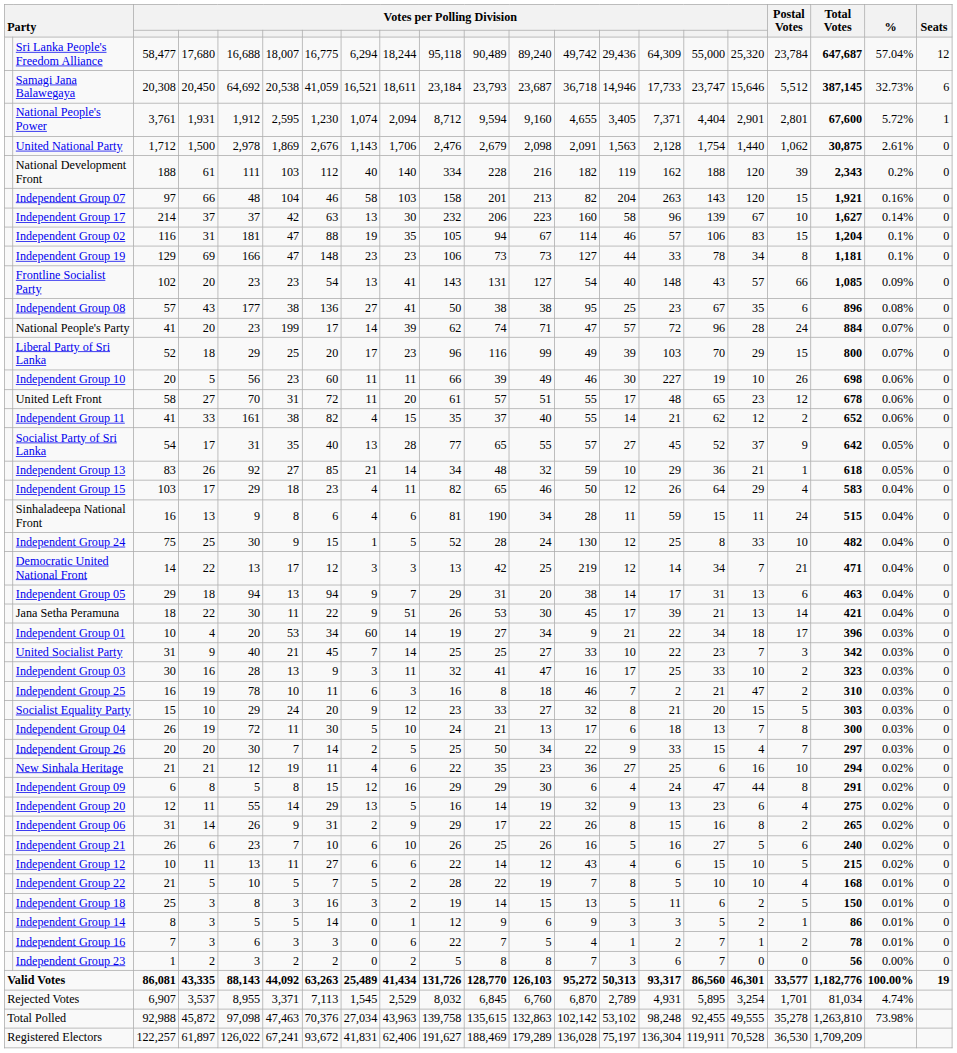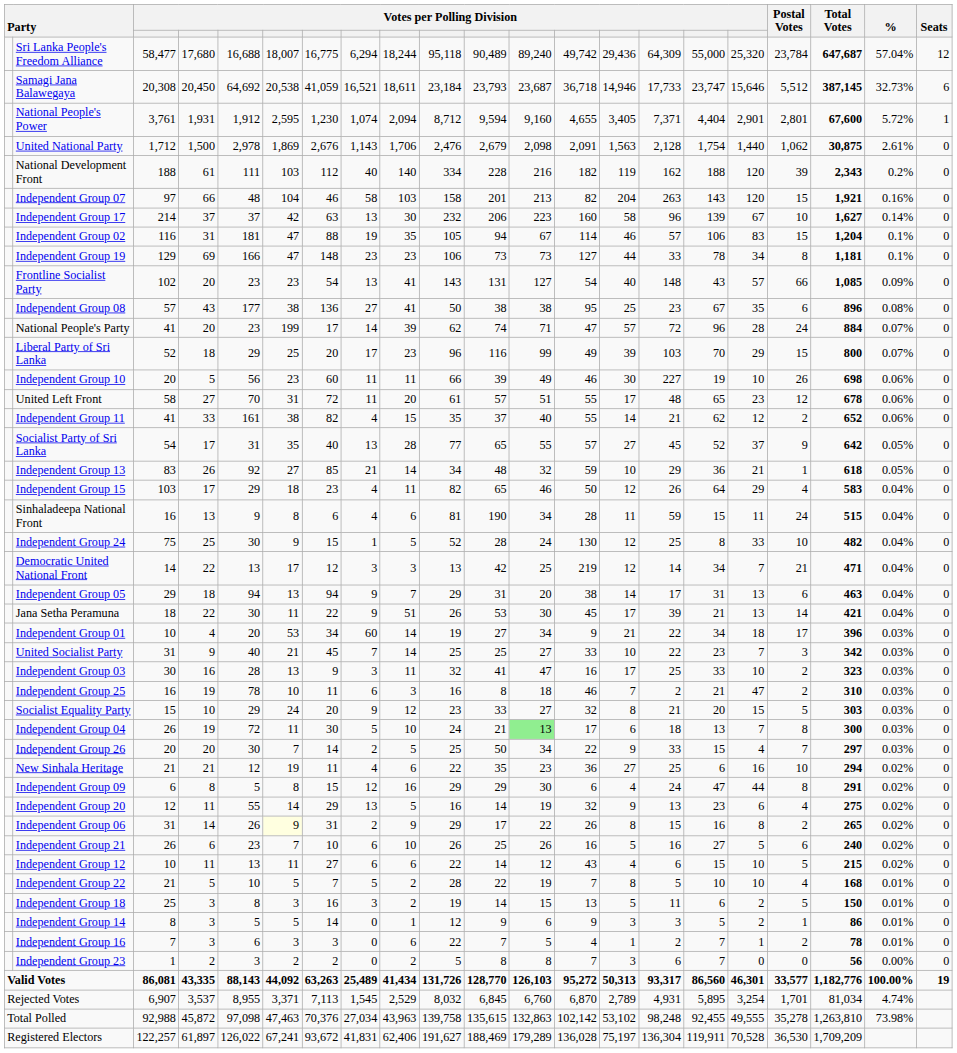 <table class="wikitable" style="text-align:right;">
 <tr>
 <th style="text-align:left; vertical-align:bottom;" rowspan="2" colspan="2">Party</th>
 <th colspan=15>Votes per Polling Division</th>
 <th rowspan="2" style="vertical-align:bottom; text-align:center; width:50px;">Postal<br>Votes</th>
 <th rowspan="2" style="vertical-align:bottom; text-align:center; width:50px;">Total Votes</th>
 <th rowspan="2" style="vertical-align:bottom; text-align:center; width:50px;">%</th>
 <th rowspan="2" style="vertical-align:bottom; text-align:center; width:40px;">Seats</th>
 </tr>
 <tr>
 <th></th>
 <th></th>
 <th></th>
 <th></th>
 <th></th>
 <th></th>
 <th></th>
 <th></th>
 <th></th>
 <th></th>
 <th></th>
 <th></th>
 <th></th>
 <th></th>
 <th></th>
 </tr>
 <tr>
 <td bgcolor=> </td>
 <td align=left><a href='#'>Sri Lanka People's Freedom Alliance</a></td>
 <td>58,477</td>
 <td>17,680</td>
 <td>16,688</td>
 <td>18,007</td>
 <td>16,775</td>
 <td>6,294</td>
 <td>18,244</td>
 <td>95,118</td>
 <td>90,489</td>
 <td>89,240</td>
 <td>49,742</td>
 <td>29,436</td>
 <td>64,309</td>
 <td>55,000</td>
 <td>25,320</td>
 <td>23,784</td>
 <td><strong>647,687</strong></td>
 <td>57.04%</td>
 <td>12</td>
 </tr>
 <tr>
 <td bgcolor=> </td>
 <td align=left><a href='#'>Samagi Jana Balawegaya</a></td>
 <td>20,308</td>
 <td>20,450</td>
 <td>64,692</td>
 <td>20,538</td>
 <td>41,059</td>
 <td>16,521</td>
 <td>18,611</td>
 <td>23,184</td>
 <td>23,793</td>
 <td>23,687</td>
 <td>36,718</td>
 <td>14,946</td>
 <td>17,733</td>
 <td>23,747</td>
 <td>15,646</td>
 <td>5,512</td>
 <td><strong>387,145</strong></td>
 <td>32.73%</td>
 <td>6</td>
 </tr>
 <tr>
 <td bgcolor=> </td>
 <td align=left><a href='#'>National People's Power</a></td>
 <td>3,761</td>
 <td>1,931</td>
 <td>1,912</td>
 <td>2,595</td>
 <td>1,230</td>
 <td>1,074</td>
 <td>2,094</td>
 <td>8,712</td>
 <td>9,594</td>
 <td>9,160</td>
 <td>4,655</td>
 <td>3,405</td>
 <td>7,371</td>
 <td>4,404</td>
 <td>2,901</td>
 <td>2,801</td>
 <td><strong>67,600</strong></td>
 <td>5.72%</td>
 <td>1</td>
 </tr>
 <tr>
 <td bgcolor=> </td>
 <td align=left><a href='#'>United National Party</a></td>
 <td>1,712</td>
 <td>1,500</td>
 <td>2,978</td>
 <td>1,869</td>
 <td>2,676</td>
 <td>1,143</td>
 <td>1,706</td>
 <td>2,476</td>
 <td>2,679</td>
 <td>2,098</td>
 <td>2,091</td>
 <td>1,563</td>
 <td>2,128</td>
 <td>1,754</td>
 <td>1,440</td>
 <td>1,062</td>
 <td><strong>30,875</strong></td>
 <td>2.61%</td>
 <td>0</td>
 </tr>
 <tr>
 <td bgcolor=> </td>
 <td align=left>National Development Front</td>
 <td>188</td>
 <td>61</td>
 <td>111</td>
 <td>103</td>
 <td>112</td>
 <td>40</td>
 <td>140</td>
 <td>334</td>
 <td>228</td>
 <td>216</td>
 <td>182</td>
 <td>119</td>
 <td>162</td>
 <td>188</td>
 <td>120</td>
 <td>39</td>
 <td><strong>2,343</strong></td>
 <td>0.2%</td>
 <td>0</td>
 </tr>
 <tr>
 <td bgcolor=> </td>
 <td align=left><a href='#'>Independent Group 07</a></td>
 <td>97</td>
 <td>66</td>
 <td>48</td>
 <td>104</td>
 <td>46</td>
 <td>58</td>
 <td>103</td>
 <td>158</td>
 <td>201</td>
 <td>213</td>
 <td>82</td>
 <td>204</td>
 <td>263</td>
 <td>143</td>
 <td>120</td>
 <td>15</td>
 <td><strong>1,921</strong></td>
 <td>0.16%</td>
 <td>0</td>
 </tr>
 <tr>
 <td bgcolor=> </td>
 <td align=left><a href='#'>Independent Group 17</a></td>
 <td>214</td>
 <td>37</td>
 <td>37</td>
 <td>42</td>
 <td>63</td>
 <td>13</td>
 <td>30</td>
 <td>232</td>
 <td>206</td>
 <td>223</td>
 <td>160</td>
 <td>58</td>
 <td>96</td>
 <td>139</td>
 <td>67</td>
 <td>10</td>
 <td><strong>1,627</strong></td>
 <td>0.14%</td>
 <td>0</td>
 </tr>
 <tr>
 <td bgcolor=> </td>
 <td align=left><a href='#'>Independent Group 02</a></td>
 <td>116</td>
 <td>31</td>
 <td>181</td>
 <td>47</td>
 <td>88</td>
 <td>19</td>
 <td>35</td>
 <td>105</td>
 <td>94</td>
 <td>67</td>
 <td>114</td>
 <td>46</td>
 <td>57</td>
 <td>106</td>
 <td>83</td>
 <td>15</td>
 <td><strong>1,204</strong></td>
 <td>0.1%</td>
 <td>0</td>
 </tr>
 <tr>
 <td bgcolor=> </td>
 <td align=left><a href='#'>Independent Group 19</a></td>
 <td>129</td>
 <td>69</td>
 <td>166</td>
 <td>47</td>
 <td>148</td>
 <td>23</td>
 <td>23</td>
 <td>106</td>
 <td>73</td>
 <td>73</td>
 <td>127</td>
 <td>44</td>
 <td>33</td>
 <td>78</td>
 <td>34</td>
 <td>8</td>
 <td><strong>1,181</strong></td>
 <td>0.1%</td>
 <td>0</td>
 </tr>
 <tr>
 <td bgcolor=> </td>
 <td align=left><a href='#'>Frontline Socialist Party</a></td>
 <td>102</td>
 <td>20</td>
 <td>23</td>
 <td>23</td>
 <td>54</td>
 <td>13</td>
 <td>41</td>
 <td>143</td>
 <td>131</td>
 <td>127</td>
 <td>54</td>
 <td>40</td>
 <td>148</td>
 <td>43</td>
 <td>57</td>
 <td>66</td>
 <td><strong>1,085</strong></td>
 <td>0.09%</td>
 <td>0</td>
 </tr>
 <tr>
 <td bgcolor=> </td>
 <td align=left><a href='#'>Independent Group 08</a></td>
 <td>57</td>
 <td>43</td>
 <td>177</td>
 <td>38</td>
 <td>136</td>
 <td>27</td>
 <td>41</td>
 <td>50</td>
 <td>38</td>
 <td>38</td>
 <td>95</td>
 <td>25</td>
 <td>23</td>
 <td>67</td>
 <td>35</td>
 <td>6</td>
 <td><strong>896</strong></td>
 <td>0.08%</td>
 <td>0</td>
 </tr>
 <tr>
 <td bgcolor=> </td>
 <td align=left>National People's Party</td>
 <td>41</td>
 <td>20</td>
 <td>23</td>
 <td>199</td>
 <td>17</td>
 <td>14</td>
 <td>39</td>
 <td>62</td>
 <td>74</td>
 <td>71</td>
 <td>47</td>
 <td>57</td>
 <td>72</td>
 <td>96</td>
 <td>28</td>
 <td>24</td>
 <td><strong>884</strong></td>
 <td>0.07%</td>
 <td>0</td>
 </tr>
 <tr>
 <td bgcolor=> </td>
 <td align=left><a href='#'>Liberal Party of Sri Lanka</a></td>
 <td>52</td>
 <td>18</td>
 <td>29</td>
 <td>25</td>
 <td>20</td>
 <td>17</td>
 <td>23</td>
 <td>96</td>
 <td>116</td>
 <td>99</td>
 <td>49</td>
 <td>39</td>
 <td>103</td>
 <td>70</td>
 <td>29</td>
 <td>15</td>
 <td><strong>800</strong></td>
 <td>0.07%</td>
 <td>0</td>
 </tr>
 <tr>
 <td bgcolor=> </td>
 <td align=left><a href='#'>Independent Group 10</a></td>
 <td>20</td>
 <td>5</td>
 <td>56</td>
 <td>23</td>
 <td>60</td>
 <td>11</td>
 <td>11</td>
 <td>66</td>
 <td>39</td>
 <td>49</td>
 <td>46</td>
 <td>30</td>
 <td>227</td>
 <td>19</td>
 <td>10</td>
 <td>26</td>
 <td><strong>698</strong></td>
 <td>0.06%</td>
 <td>0</td>
 </tr>
 <tr>
 <td bgcolor=> </td>
 <td align=left>United Left Front</td>
 <td>58</td>
 <td>27</td>
 <td>70</td>
 <td>31</td>
 <td>72</td>
 <td>11</td>
 <td>20</td>
 <td>61</td>
 <td>57</td>
 <td>51</td>
 <td>55</td>
 <td>17</td>
 <td>48</td>
 <td>65</td>
 <td>23</td>
 <td>12</td>
 <td><strong>678</strong></td>
 <td>0.06%</td>
 <td>0</td>
 </tr>
 <tr>
 <td bgcolor=> </td>
 <td align=left><a href='#'>Independent Group 11</a></td>
 <td>41</td>
 <td>33</td>
 <td>161</td>
 <td>38</td>
 <td>82</td>
 <td>4</td>
 <td>15</td>
 <td>35</td>
 <td>37</td>
 <td>40</td>
 <td>55</td>
 <td>14</td>
 <td>21</td>
 <td>62</td>
 <td>12</td>
 <td>2</td>
 <td><strong>652</strong></td>
 <td>0.06%</td>
 <td>0</td>
 </tr>
 <tr>
 <td bgcolor=> </td>
 <td align=left><a href='#'>Socialist Party of Sri Lanka</a></td>
 <td>54</td>
 <td>17</td>
 <td>31</td>
 <td>35</td>
 <td>40</td>
 <td>13</td>
 <td>28</td>
 <td>77</td>
 <td>65</td>
 <td>55</td>
 <td>57</td>
 <td>27</td>
 <td>45</td>
 <td>52</td>
 <td>37</td>
 <td>9</td>
 <td><strong>642</strong></td>
 <td>0.05%</td>
 <td>0</td>
 </tr>
 <tr>
 <td bgcolor=> </td>
 <td align=left><a href='#'>Independent Group 13</a></td>
 <td>83</td>
 <td>26</td>
 <td>92</td>
 <td>27</td>
 <td>85</td>
 <td>21</td>
 <td>14</td>
 <td>34</td>
 <td>48</td>
 <td>32</td>
 <td>59</td>
 <td>10</td>
 <td>29</td>
 <td>36</td>
 <td>21</td>
 <td>1</td>
 <td><strong>618</strong></td>
 <td>0.05%</td>
 <td>0</td>
 </tr>
 <tr>
 <td bgcolor=> </td>
 <td align=left><a href='#'>Independent Group 15</a></td>
 <td>103</td>
 <td>17</td>
 <td>29</td>
 <td>18</td>
 <td>23</td>
 <td>4</td>
 <td>11</td>
 <td>82</td>
 <td>65</td>
 <td>46</td>
 <td>50</td>
 <td>12</td>
 <td>26</td>
 <td>64</td>
 <td>29</td>
 <td>4</td>
 <td><strong>583</strong></td>
 <td>0.04%</td>
 <td>0</td>
 </tr>
 <tr>
 <td bgcolor=> </td>
 <td align=left>Sinhaladeepa National Front</td>
 <td>16</td>
 <td>13</td>
 <td>9</td>
 <td>8</td>
 <td>6</td>
 <td>4</td>
 <td>6</td>
 <td>81</td>
 <td>190</td>
 <td>34</td>
 <td>28</td>
 <td>11</td>
 <td>59</td>
 <td>15</td>
 <td>11</td>
 <td>24</td>
 <td><strong>515</strong></td>
 <td>0.04%</td>
 <td>0</td>
 </tr>
 <tr>
 <td bgcolor=> </td>
 <td align=left><a href='#'>Independent Group 24</a></td>
 <td>75</td>
 <td>25</td>
 <td>30</td>
 <td>9</td>
 <td>15</td>
 <td>1</td>
 <td>5</td>
 <td>52</td>
 <td>28</td>
 <td>24</td>
 <td>130</td>
 <td>12</td>
 <td>25</td>
 <td>8</td>
 <td>33</td>
 <td>10</td>
 <td><strong>482</strong></td>
 <td>0.04%</td>
 <td>0</td>
 </tr>
 <tr>
 <td bgcolor=> </td>
 <td align=left><a href='#'>Democratic United National Front</a></td>
 <td>14</td>
 <td>22</td>
 <td>13</td>
 <td>17</td>
 <td>12</td>
 <td>3</td>
 <td>3</td>
 <td>13</td>
 <td>42</td>
 <td>25</td>
 <td>219</td>
 <td>12</td>
 <td>14</td>
 <td>34</td>
 <td>7</td>
 <td>21</td>
 <td><strong>471</strong></td>
 <td>0.04%</td>
 <td>0</td>
 </tr>
 <tr>
 <td bgcolor=> </td>
 <td align=left><a href='#'>Independent Group 05</a></td>
 <td>29</td>
 <td>18</td>
 <td>94</td>
 <td>13</td>
 <td>94</td>
 <td>9</td>
 <td>7</td>
 <td>29</td>
 <td>31</td>
 <td>20</td>
 <td>38</td>
 <td>14</td>
 <td>17</td>
 <td>31</td>
 <td>13</td>
 <td>6</td>
 <td><strong>463</strong></td>
 <td>0.04%</td>
 <td>0</td>
 </tr>
 <tr>
 <td bgcolor=> </td>
 <td align=left>Jana Setha Peramuna</td>
 <td>18</td>
 <td>22</td>
 <td>30</td>
 <td>11</td>
 <td>22</td>
 <td>9</td>
 <td>51</td>
 <td>26</td>
 <td>53</td>
 <td>30</td>
 <td>45</td>
 <td>17</td>
 <td>39</td>
 <td>21</td>
 <td>13</td>
 <td>14</td>
 <td><strong>421</strong></td>
 <td>0.04%</td>
 <td>0</td>
 </tr>
 <tr>
 <td bgcolor=> </td>
 <td align=left><a href='#'>Independent Group 01</a></td>
 <td>10</td>
 <td>4</td>
 <td>20</td>
 <td>53</td>
 <td>34</td>
 <td>60</td>
 <td>14</td>
 <td>19</td>
 <td>27</td>
 <td>34</td>
 <td>9</td>
 <td>21</td>
 <td>22</td>
 <td>34</td>
 <td>18</td>
 <td>17</td>
 <td><strong>396</strong></td>
 <td>0.03%</td>
 <td>0</td>
 </tr>
 <tr>
 <td bgcolor=> </td>
 <td align=left><a href='#'>United Socialist Party</a></td>
 <td>31</td>
 <td>9</td>
 <td>40</td>
 <td>21</td>
 <td>45</td>
 <td>7</td>
 <td>14</td>
 <td>25</td>
 <td>25</td>
 <td>27</td>
 <td>33</td>
 <td>10</td>
 <td>22</td>
 <td>23</td>
 <td>7</td>
 <td>3</td>
 <td><strong>342</strong></td>
 <td>0.03%</td>
 <td>0</td>
 </tr>
 <tr>
 <td bgcolor=> </td>
 <td align=left><a href='#'>Independent Group 03</a></td>
 <td>30</td>
 <td>16</td>
 <td>28</td>
 <td>13</td>
 <td>9</td>
 <td>3</td>
 <td>11</td>
 <td>32</td>
 <td>41</td>
 <td>47</td>
 <td>16</td>
 <td>17</td>
 <td>25</td>
 <td>33</td>
 <td>10</td>
 <td>2</td>
 <td><strong>323</strong></td>
 <td>0.03%</td>
 <td>0</td>
 </tr>
 <tr>
 <td bgcolor=> </td>
 <td align=left><a href='#'>Independent Group 25</a></td>
 <td>16</td>
 <td>19</td>
 <td>78</td>
 <td>10</td>
 <td>11</td>
 <td>6</td>
 <td>3</td>
 <td>16</td>
 <td>8</td>
 <td>18</td>
 <td>46</td>
 <td>7</td>
 <td>2</td>
 <td>21</td>
 <td>47</td>
 <td>2</td>
 <td><strong>310</strong></td>
 <td>0.03%</td>
 <td>0</td>
 </tr>
 <tr>
 <td bgcolor=> </td>
 <td align=left><a href='#'>Socialist Equality Party</a></td>
 <td>15</td>
 <td>10</td>
 <td>29</td>
 <td>24</td>
 <td>20</td>
 <td>9</td>
 <td>12</td>
 <td>23</td>
 <td>33</td>
 <td>27</td>
 <td>32</td>
 <td>8</td>
 <td>21</td>
 <td>20</td>
 <td>15</td>
 <td>5</td>
 <td><strong>303</strong></td>
 <td>0.03%</td>
 <td>0</td>
 </tr>
 <tr>
 <td bgcolor=> </td>
 <td align=left><a href='#'>Independent Group 04</a></td>
 <td>26</td>
 <td>19</td>
 <td>72</td>
 <td>11</td>
 <td>30</td>
 <td>5</td>
 <td>10</td>
 <td>24</td>
 <td>21</td>
-<td>13</td>
+<td style="background: lightgreen;">13</td>
 <td>17</td>
 <td>6</td>
 <td>18</td>
 <td>13</td>
 <td>7</td>
 <td>8</td>
 <td><strong>300</strong></td>
 <td>0.03%</td>
 <td>0</td>
 </tr>
 <tr>
 <td bgcolor=> </td>
 <td align=left><a href='#'>Independent Group 26</a></td>
 <td>20</td>
 <td>20</td>
 <td>30</td>
 <td>7</td>
 <td>14</td>
 <td>2</td>
 <td>5</td>
 <td>25</td>
 <td>50</td>
 <td>34</td>
 <td>22</td>
 <td>9</td>
 <td>33</td>
 <td>15</td>
 <td>4</td>
 <td>7</td>
 <td><strong>297</strong></td>
 <td>0.03%</td>
 <td>0</td>
 </tr>
 <tr>
 <td bgcolor=> </td>
 <td align=left><a href='#'>New Sinhala Heritage</a></td>
 <td>21</td>
 <td>21</td>
 <td>12</td>
 <td>19</td>
 <td>11</td>
 <td>4</td>
 <td>6</td>
 <td>22</td>
 <td>35</td>
 <td>23</td>
 <td>36</td>
 <td>27</td>
 <td>25</td>
 <td>6</td>
 <td>16</td>
 <td>10</td>
 <td><strong>294</strong></td>
 <td>0.02%</td>
 <td>0</td>
 </tr>
 <tr>
 <td bgcolor=> </td>
 <td align=left><a href='#'>Independent Group 09</a></td>
 <td>6</td>
 <td>8</td>
 <td>5</td>
 <td>8</td>
 <td>15</td>
 <td>12</td>
 <td>16</td>
 <td>29</td>
 <td>29</td>
 <td>30</td>
 <td>6</td>
 <td>4</td>
 <td>24</td>
 <td>47</td>
 <td>44</td>
 <td>8</td>
 <td><strong>291</strong></td>
 <td>0.02%</td>
 <td>0</td>
 </tr>
 <tr>
 <td bgcolor=> </td>
 <td align=left><a href='#'>Independent Group 20</a></td>
 <td>12</td>
 <td>11</td>
 <td>55</td>
 <td>14</td>
 <td>29</td>
 <td>13</td>
 <td>5</td>
 <td>16</td>
 <td>14</td>
 <td>19</td>
 <td>32</td>
 <td>9</td>
 <td>13</td>
 <td>23</td>
 <td>6</td>
 <td>4</td>
 <td><strong>275</strong></td>
 <td>0.02%</td>
 <td>0</td>
 </tr>
 <tr>
 <td bgcolor=> </td>
 <td align=left><a href='#'>Independent Group 06</a></td>
 <td>31</td>
 <td>14</td>
 <td>26</td>
-<td>9</td>
+<td style="background: lightyellow;">9</td>
 <td>31</td>
 <td>2</td>
 <td>9</td>
 <td>29</td>
 <td>17</td>
 <td>22</td>
 <td>26</td>
 <td>8</td>
 <td>15</td>
 <td>16</td>
 <td>8</td>
 <td>2</td>
 <td><strong>265</strong></td>
 <td>0.02%</td>
 <td>0</td>
 </tr>
 <tr>
 <td bgcolor=> </td>
 <td align=left><a href='#'>Independent Group 21</a></td>
 <td>26</td>
 <td>6</td>
 <td>23</td>
 <td>7</td>
 <td>10</td>
 <td>6</td>
 <td>10</td>
 <td>26</td>
 <td>25</td>
 <td>26</td>
 <td>16</td>
 <td>5</td>
 <td>16</td>
 <td>27</td>
 <td>5</td>
 <td>6</td>
 <td><strong>240</strong></td>
 <td>0.02%</td>
 <td>0</td>
 </tr>
 <tr>
 <td bgcolor=> </td>
 <td align=left><a href='#'>Independent Group 12</a></td>
 <td>10</td>
 <td>11</td>
 <td>13</td>
 <td>11</td>
 <td>27</td>
 <td>6</td>
 <td>6</td>
 <td>22</td>
 <td>14</td>
 <td>12</td>
 <td>43</td>
 <td>4</td>
 <td>6</td>
 <td>15</td>
 <td>10</td>
 <td>5</td>
 <td><strong>215</strong></td>
 <td>0.02%</td>
 <td>0</td>
 </tr>
 <tr>
 <td bgcolor=> </td>
 <td align=left><a href='#'>Independent Group 22</a></td>
 <td>21</td>
 <td>5</td>
 <td>10</td>
 <td>5</td>
 <td>7</td>
 <td>5</td>
 <td>2</td>
 <td>28</td>
 <td>22</td>
 <td>19</td>
 <td>7</td>
 <td>8</td>
 <td>5</td>
 <td>10</td>
 <td>10</td>
 <td>4</td>
 <td><strong>168</strong></td>
 <td>0.01%</td>
 <td>0</td>
 </tr>
 <tr>
 <td bgcolor=> </td>
 <td align=left><a href='#'>Independent Group 18</a></td>
 <td>25</td>
 <td>3</td>
 <td>8</td>
 <td>3</td>
 <td>16</td>
 <td>3</td>
 <td>2</td>
 <td>19</td>
 <td>14</td>
 <td>15</td>
 <td>13</td>
 <td>5</td>
 <td>11</td>
 <td>6</td>
 <td>2</td>
 <td>5</td>
 <td><strong>150</strong></td>
 <td>0.01%</td>
 <td>0</td>
 </tr>
 <tr>
 <td bgcolor=> </td>
 <td align=left><a href='#'>Independent Group 14</a></td>
 <td>8</td>
 <td>3</td>
 <td>5</td>
 <td>5</td>
 <td>14</td>
 <td>0</td>
 <td>1</td>
 <td>12</td>
 <td>9</td>
 <td>6</td>
 <td>9</td>
 <td>3</td>
 <td>3</td>
 <td>5</td>
 <td>2</td>
 <td>1</td>
 <td><strong>86</strong></td>
 <td>0.01%</td>
 <td>0</td>
 </tr>
 <tr>
 <td bgcolor=> </td>
 <td align=left><a href='#'>Independent Group 16</a></td>
 <td>7</td>
 <td>3</td>
 <td>6</td>
 <td>3</td>
 <td>3</td>
 <td>0</td>
 <td>6</td>
 <td>22</td>
 <td>7</td>
 <td>5</td>
 <td>4</td>
 <td>1</td>
 <td>2</td>
 <td>7</td>
 <td>1</td>
 <td>2</td>
 <td><strong>78</strong></td>
 <td>0.01%</td>
 <td>0</td>
 </tr>
 <tr>
 <td bgcolor=> </td>
 <td align=left><a href='#'>Independent Group 23</a></td>
 <td>1</td>
 <td>2</td>
 <td>3</td>
 <td>2</td>
 <td>2</td>
 <td>0</td>
 <td>2</td>
 <td>5</td>
 <td>8</td>
 <td>8</td>
 <td>7</td>
 <td>3</td>
 <td>6</td>
 <td>7</td>
 <td>0</td>
 <td>0</td>
 <td><strong>56</strong></td>
 <td>0.00%</td>
 <td>0</td>
 </tr>
 <tr style="font-weight:bold">
 <td style="text-align:left;" colspan="2">Valid Votes</td>
 <td>86,081</td>
 <td>43,335</td>
 <td>88,143</td>
 <td>44,092</td>
 <td>63,263</td>
 <td>25,489</td>
 <td>41,434</td>
 <td>131,726</td>
 <td>128,770</td>
 <td>126,103</td>
 <td>95,272</td>
 <td>50,313</td>
 <td>93,317</td>
 <td>86,560</td>
 <td>46,301</td>
 <td>33,577</td>
 <td>1,182,776</td>
 <td>100.00%</td>
 <td>19</td>
 </tr>
 <tr>
 <td style="text-align:left;" colspan="2">Rejected Votes</td>
 <td>6,907</td>
 <td>3,537</td>
 <td>8,955</td>
 <td>3,371</td>
 <td>7,113</td>
 <td>1,545</td>
 <td>2,529</td>
 <td>8,032</td>
 <td>6,845</td>
 <td>6,760</td>
 <td>6,870</td>
 <td>2,789</td>
 <td>4,931</td>
 <td>5,895</td>
 <td>3,254</td>
 <td>1,701</td>
 <td>81,034</td>
 <td>4.74%</td>
 <td></td>
 </tr>
 <tr>
 <td style="text-align:left;" colspan="2">Total Polled</td>
 <td>92,988</td>
 <td>45,872</td>
 <td>97,098</td>
 <td>47,463</td>
 <td>70,376</td>
 <td>27,034</td>
 <td>43,963</td>
 <td>139,758</td>
 <td>135,615</td>
 <td>132,863</td>
 <td>102,142</td>
 <td>53,102</td>
 <td>98,248</td>
 <td>92,455</td>
 <td>49,555</td>
 <td>35,278</td>
 <td>1,263,810</td>
 <td>73.98%</td>
 <td></td>
 </tr>
 <tr>
 <td style="text-align:left;" colspan="2">Registered Electors</td>
 <td>122,257</td>
 <td>61,897</td>
 <td>126,022</td>
 <td>67,241</td>
 <td>93,672</td>
 <td>41,831</td>
 <td>62,406</td>
 <td>191,627</td>
 <td>188,469</td>
 <td>179,289</td>
 <td>136,028</td>
 <td>75,197</td>
 <td>136,304</td>
 <td>119,911</td>
 <td>70,528</td>
 <td>36,530</td>
 <td>1,709,209</td>
 <td></td>
 <td></td>
 </tr>
 </table>
